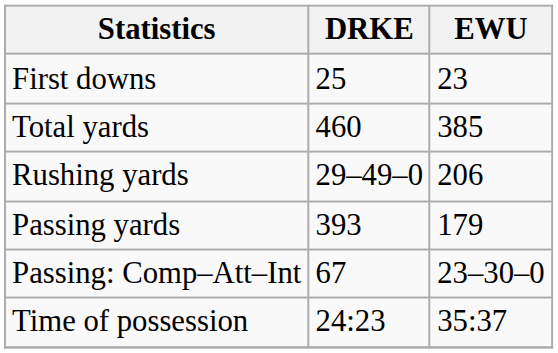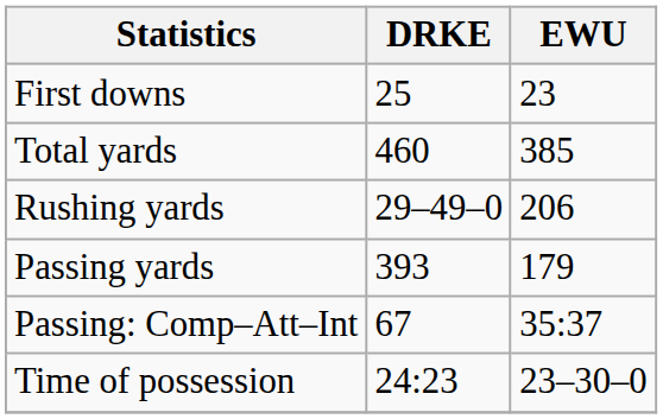 <table class="wikitable" style="float: left;">
 <tr>
 <th>Statistics</th>
 <th>DRKE</th>
 <th>EWU</th>
 </tr>
 <tr>
 <td>First downs</td>
 <td>25</td>
 <td>23</td>
 </tr>
 <tr>
 <td>Total yards</td>
 <td>460</td>
 <td>385</td>
 </tr>
 <tr>
 <td>Rushing yards</td>
 <td>29–49–0</td>
 <td>206</td>
 </tr>
 <tr>
 <td>Passing yards</td>
 <td>393</td>
 <td>179</td>
 </tr>
 <tr>
 <td>Passing: Comp–Att–Int</td>
 <td>67</td>
-<td>23–30–0</td>
+<td>35:37</td>
 </tr>
 <tr>
 <td>Time of possession</td>
 <td>24:23</td>
-<td>35:37</td>
+<td>23–30–0</td>
 </tr>
 <tr>
 </tr>
 </table>
